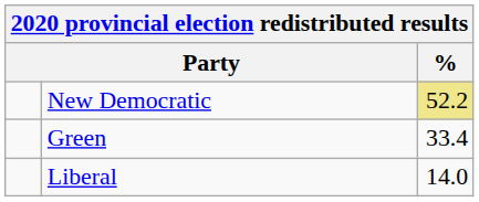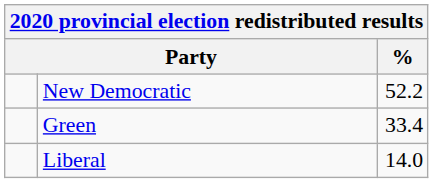 <table class="wikitable">
 <tr>
 <th colspan="4"><a href='#'>2020 provincial election</a> redistributed results</th>
 </tr>
 <tr>
 <th bgcolor="#DDDDFF" width="130px" colspan="2">Party</th>
 <th bgcolor="#DDDDFF" width="30px">%</th>
 </tr>
 <tr>
 <td> </td>
 <td><a href='#'>New Democratic</a></td>
-<td align=right style="background: khaki;">52.2</td>
+<td align=right>52.2</td>
 </tr>
 <tr>
 <td> </td>
 <td><a href='#'>Green</a></td>
 <td align=right>33.4</td>
 </tr>
 <tr>
 <td> </td>
 <td><a href='#'>Liberal</a></td>
 <td align=right>14.0</td>
 </tr>
 </table>
